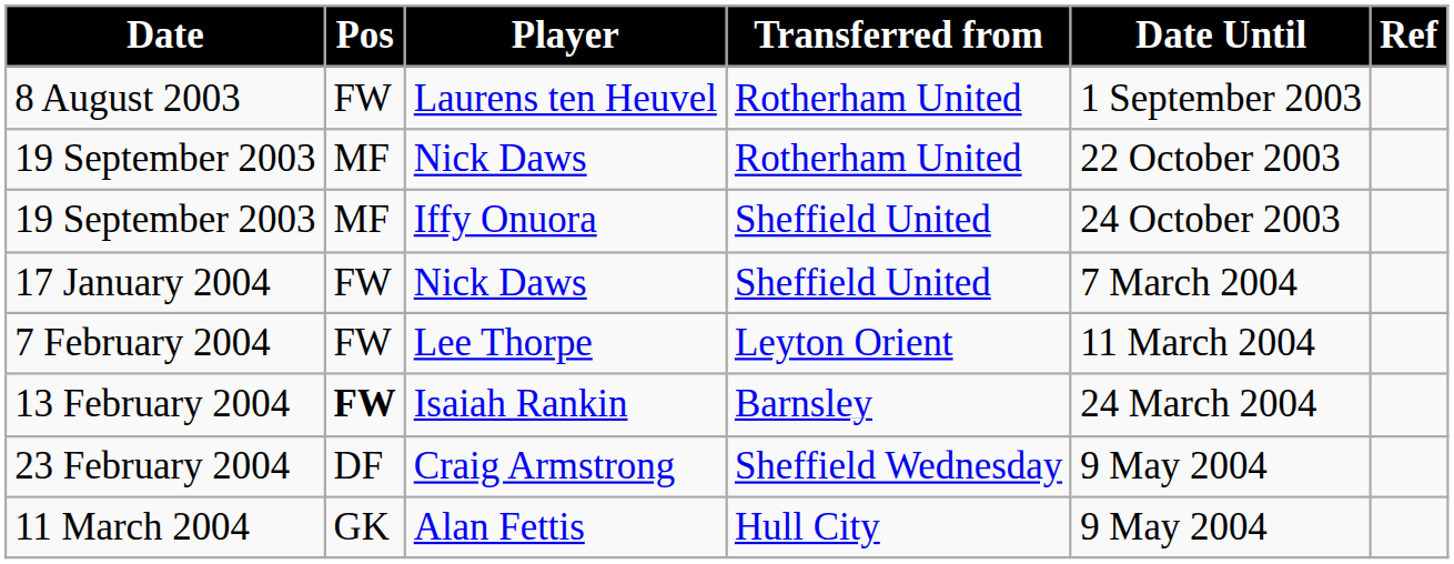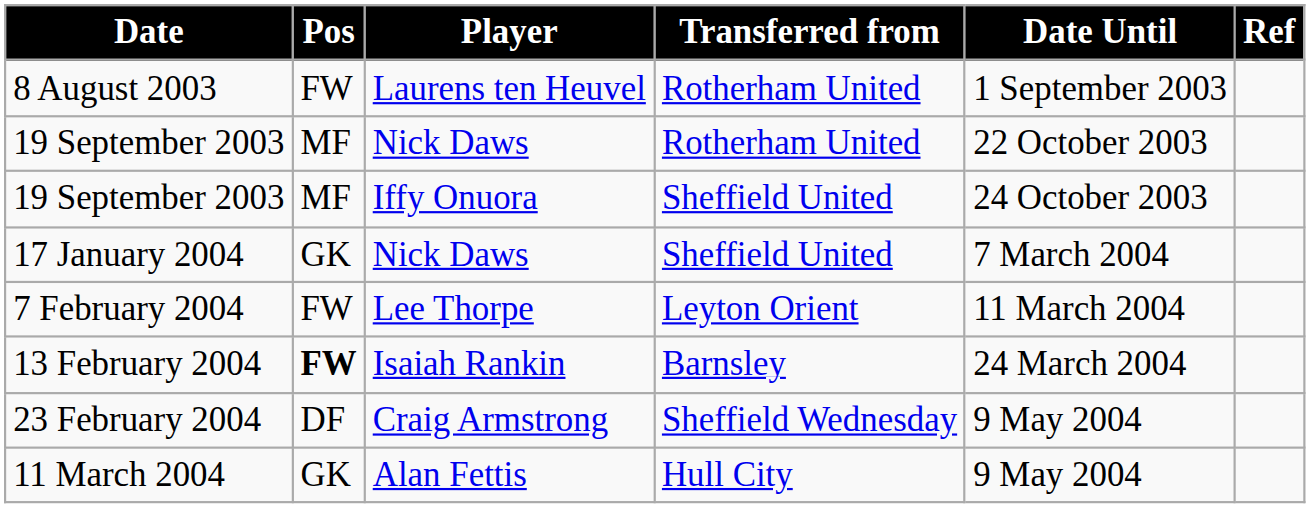 <table class="wikitable plainrowheaders sortable">
 <tr>
 <th style="background:#000000; color:#FFFFFF; ">Date</th>
 <th style="background:#000000; color:#FFFFff; ">Pos</th>
 <th style="background:#000000; color:#FFFFff; ">Player</th>
 <th style="background:#000000; color:#FFFFff; ">Transferred from</th>
 <th style="background:#000000; color:#FFFFff; ">Date Until</th>
 <th style="background:#000000; color:#FFFFff; ">Ref</th>
 </tr>
 <tr>
 <td>8 August 2003</td>
 <td>FW</td>
 <td> <a href='#'>Laurens ten Heuvel</a></td>
 <td> <a href='#'>Rotherham United</a></td>
 <td>1 September 2003</td>
 <td></td>
 </tr>
 <tr>
 <td>19 September 2003</td>
 <td>MF</td>
 <td> <a href='#'>Nick Daws</a></td>
 <td> <a href='#'>Rotherham United</a></td>
 <td>22 October 2003</td>
 <td></td>
 </tr>
 <tr>
 <td>19 September 2003</td>
 <td>MF</td>
 <td> <a href='#'>Iffy Onuora</a></td>
 <td> <a href='#'>Sheffield United</a></td>
 <td>24 October 2003</td>
 <td></td>
 </tr>
 <tr>
 <td>17 January 2004</td>
-<td>FW</td>
+<td>GK</td>
 <td> <a href='#'>Nick Daws</a></td>
 <td> <a href='#'>Sheffield United</a></td>
 <td>7 March 2004</td>
 <td></td>
 </tr>
 <tr>
 <td>7 February 2004</td>
 <td>FW</td>
 <td> <a href='#'>Lee Thorpe</a></td>
 <td> <a href='#'>Leyton Orient</a></td>
 <td>11 March 2004</td>
 <td></td>
 </tr>
 <tr>
 <td>13 February 2004</td>
 <td><strong>FW</strong></td>
 <td> <a href='#'>Isaiah Rankin</a></td>
 <td> <a href='#'>Barnsley</a></td>
 <td>24 March 2004</td>
 <td></td>
 </tr>
 <tr>
 <td>23 February 2004</td>
 <td>DF</td>
 <td> <a href='#'>Craig Armstrong</a></td>
 <td> <a href='#'>Sheffield Wednesday</a></td>
 <td>9 May 2004</td>
 <td></td>
 </tr>
 <tr>
 <td>11 March 2004</td>
 <td>GK</td>
 <td> <a href='#'>Alan Fettis</a></td>
 <td> <a href='#'>Hull City</a></td>
 <td>9 May 2004</td>
 <td></td>
 </tr>
 </table>
